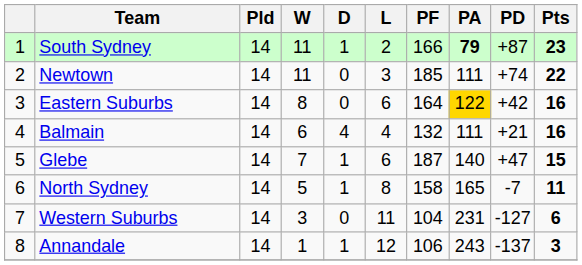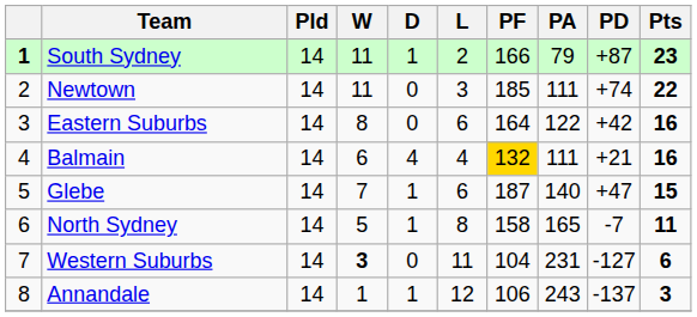 <table class="wikitable" style="text-align:center;">
 <tr>
 <th width=20 abbr="Position×"></th>
 <th width=175>Team</th>
 <th width=30 abbr="Played">Pld</th>
 <th width=30 abbr="Won">W</th>
 <th width=30 abbr="Drawn">D</th>
 <th width=30 abbr="Lost">L</th>
 <th width=30 abbr="Points for">PF</th>
 <th width=30 abbr="Points against">PA</th>
 <th width=30 abbr="Points difference">PD</th>
 <th width=30 abbr="Points">Pts</th>
 </tr>
 <tr style="background: #ccffcc;">
-<td>1</td>
+<td><strong>1</strong></td>
 <td style="text-align:left;"> <a href='#'>South Sydney</a></td>
 <td>14</td>
 <td>11</td>
 <td>1</td>
 <td>2</td>
 <td>166</td>
-<td><strong>79</strong></td>
+<td>79</td>
 <td>+87</td>
 <td><strong>23</strong></td>
 </tr>
 <tr>
 <td>2</td>
 <td style="text-align:left;"> <a href='#'>Newtown</a></td>
 <td>14</td>
 <td>11</td>
 <td>0</td>
 <td>3</td>
 <td>185</td>
 <td>111</td>
 <td>+74</td>
 <td><strong>22</strong></td>
 </tr>
 <tr>
 <td>3</td>
 <td style="text-align:left;"> <a href='#'>Eastern Suburbs</a></td>
 <td>14</td>
 <td>8</td>
 <td>0</td>
 <td>6</td>
 <td>164</td>
-<td style="background: gold;">122</td>
+<td>122</td>
 <td>+42</td>
 <td><strong>16</strong></td>
 </tr>
 <tr>
 <td>4</td>
 <td style="text-align:left;"> <a href='#'>Balmain</a></td>
 <td>14</td>
 <td>6</td>
 <td>4</td>
 <td>4</td>
-<td>132</td>
+<td style="background: gold;">132</td>
 <td>111</td>
 <td>+21</td>
 <td><strong>16</strong></td>
 </tr>
 <tr>
 <td>5</td>
 <td style="text-align:left;"> <a href='#'>Glebe</a></td>
 <td>14</td>
 <td>7</td>
 <td>1</td>
 <td>6</td>
 <td>187</td>
 <td>140</td>
 <td>+47</td>
 <td><strong>15</strong></td>
 </tr>
 <tr>
 <td>6</td>
 <td style="text-align:left;"> <a href='#'>North Sydney</a></td>
 <td>14</td>
 <td>5</td>
 <td>1</td>
 <td>8</td>
 <td>158</td>
 <td>165</td>
 <td>-7</td>
 <td><strong>11</strong></td>
 </tr>
 <tr>
 <td>7</td>
 <td style="text-align:left;"> <a href='#'>Western Suburbs</a></td>
 <td>14</td>
-<td>3</td>
+<td><strong>3</strong></td>
 <td>0</td>
 <td>11</td>
 <td>104</td>
 <td>231</td>
 <td>-127</td>
 <td><strong>6</strong></td>
 </tr>
 <tr>
 <td>8</td>
 <td style="text-align:left;"> <a href='#'>Annandale</a></td>
 <td>14</td>
 <td>1</td>
 <td>1</td>
 <td>12</td>
 <td>106</td>
 <td>243</td>
 <td>-137</td>
 <td><strong>3</strong></td>
 </tr>
 <tr>
 </tr>
 </table>
